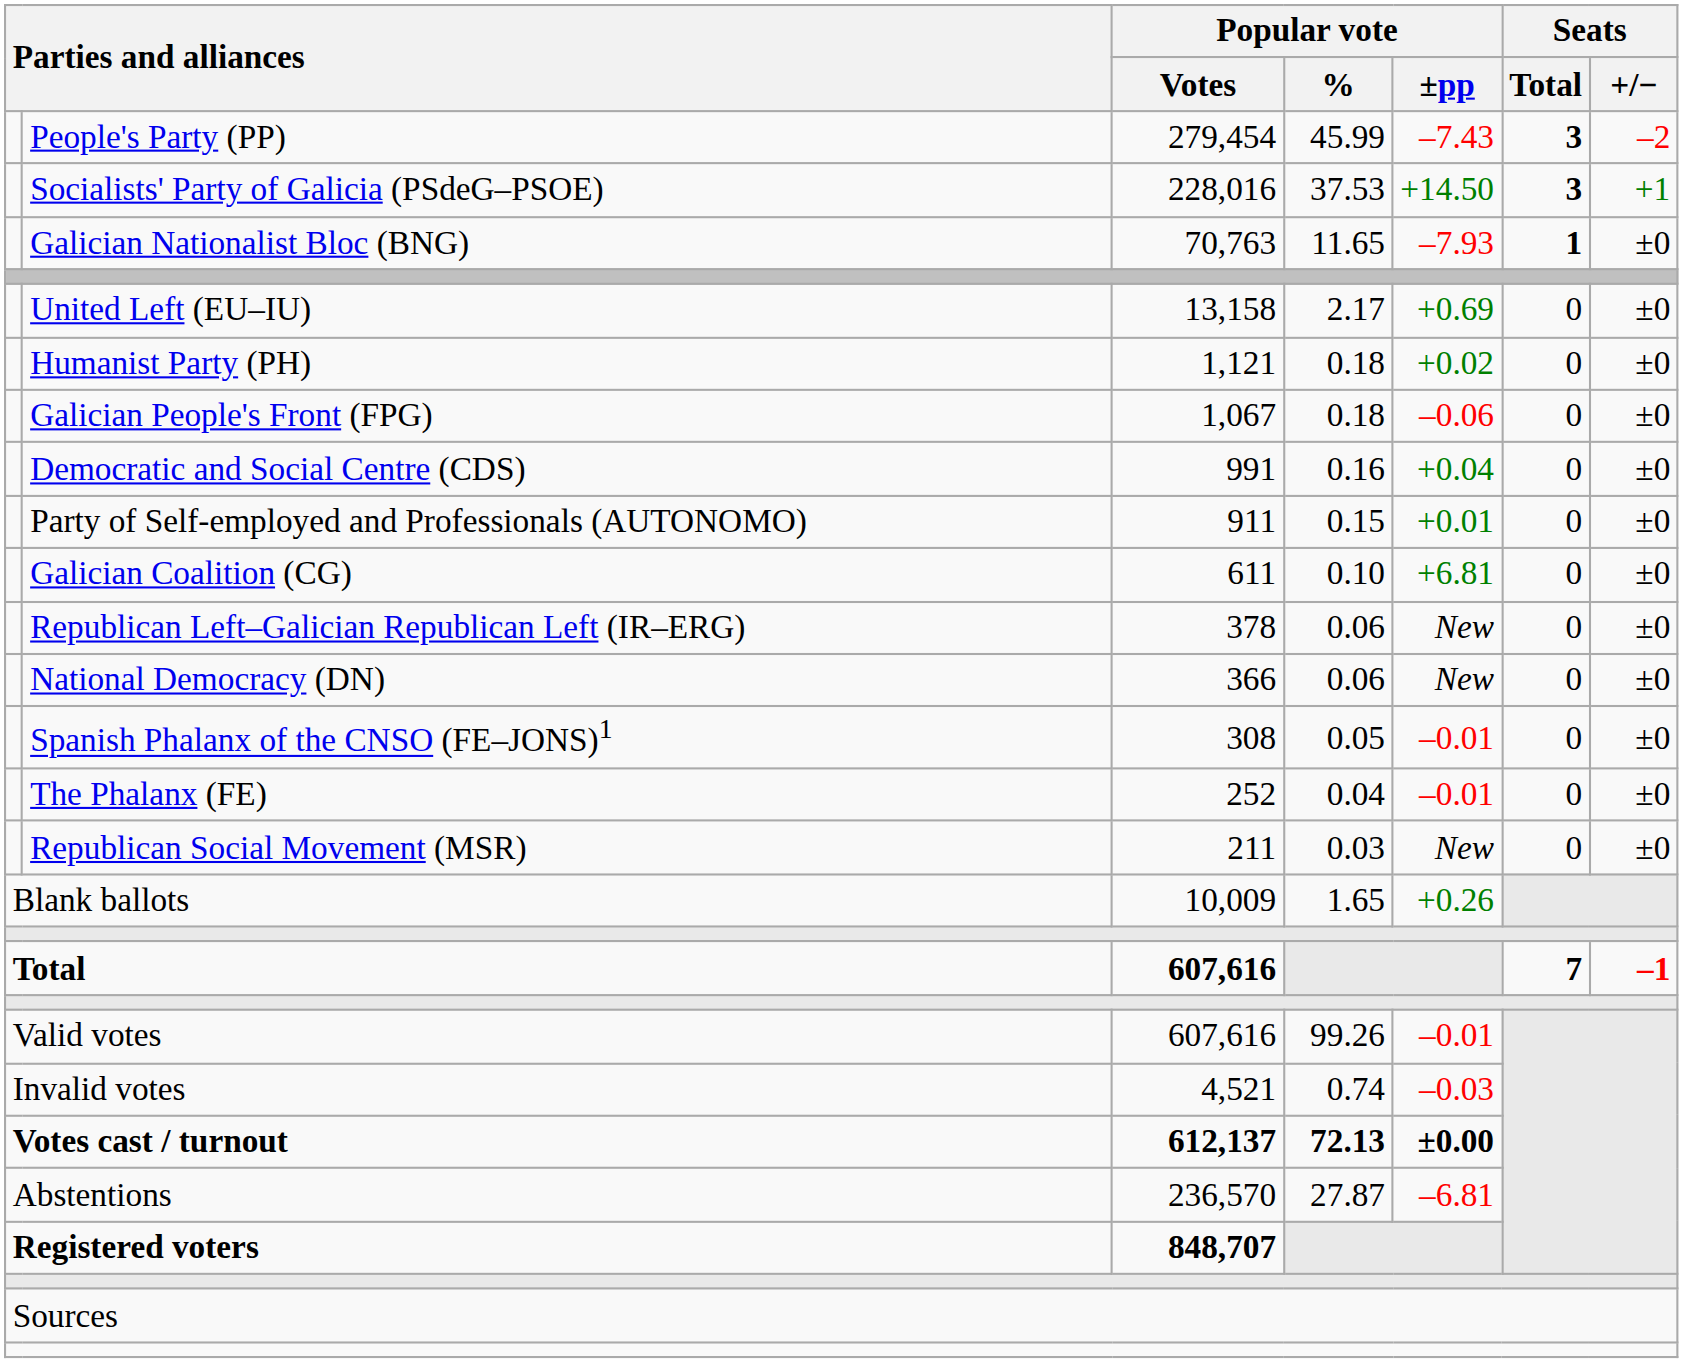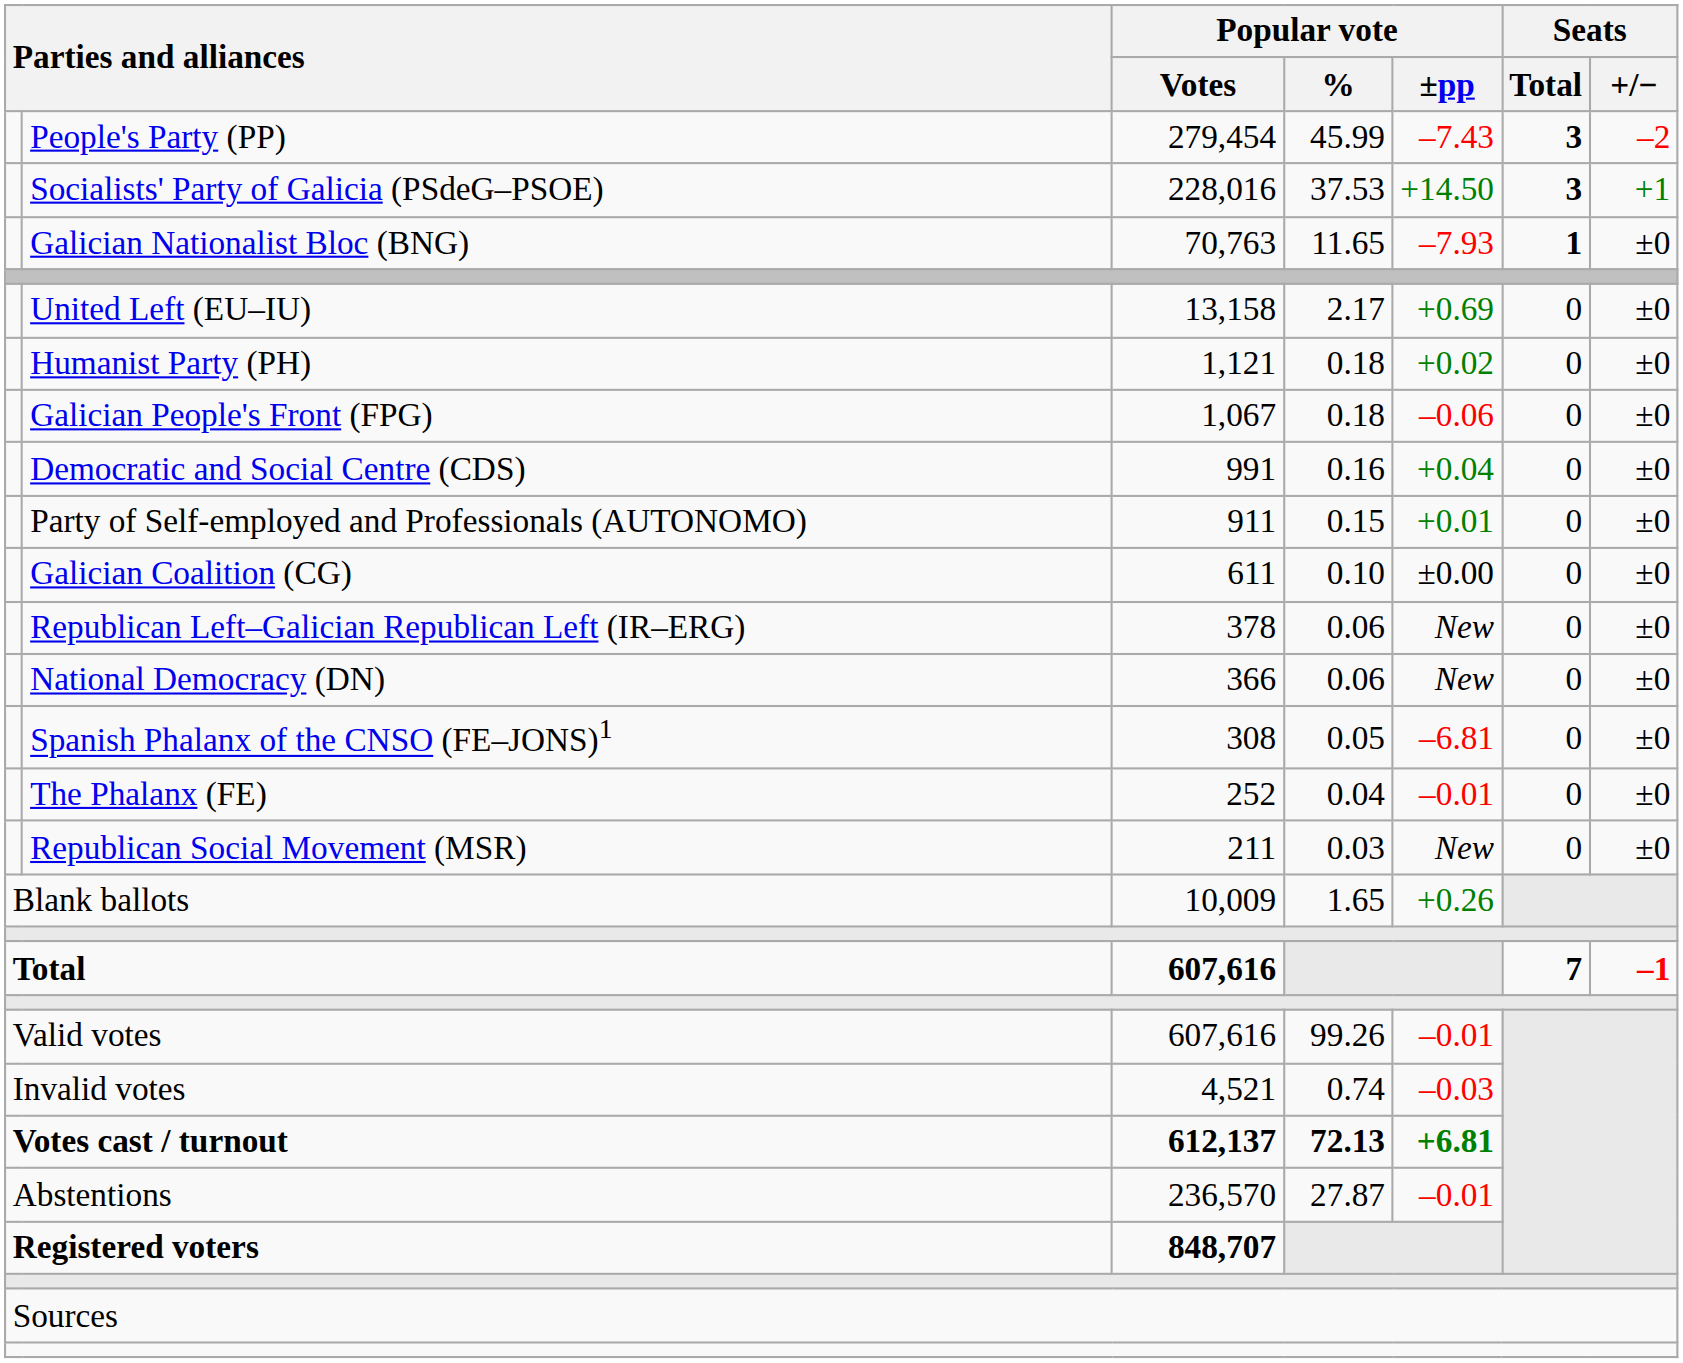 <table class="wikitable" style="text-align:right;">
 <tr>
 <th style="text-align:left;" rowspan="2" colspan="2" width="525">Parties and alliances</th>
 <th colspan="3">Popular vote</th>
 <th colspan="2">Seats</th>
 </tr>
 <tr>
 <th width="75">Votes</th>
 <th width="45">%</th>
 <th width="45">±<a href='#'>pp</a></th>
 <th width="35">Total</th>
 <th width="35">+/−</th>
 </tr>
 <tr>
 <td width="1" style="color:inherit;background:"></td>
 <td align="left"><a href='#'>People's Party</a> (PP)</td>
 <td>279,454</td>
 <td>45.99</td>
 <td style="color:red;">–7.43</td>
 <td><strong>3</strong></td>
 <td style="color:red;">–2</td>
 </tr>
 <tr>
 <td style="color:inherit;background:"></td>
 <td align="left"><a href='#'>Socialists' Party of Galicia</a> (PSdeG–PSOE)</td>
 <td>228,016</td>
 <td>37.53</td>
 <td style="color:green;">+14.50</td>
 <td><strong>3</strong></td>
 <td style="color:green;">+1</td>
 </tr>
 <tr>
 <td style="color:inherit;background:"></td>
 <td align="left"><a href='#'>Galician Nationalist Bloc</a> (BNG)</td>
 <td>70,763</td>
 <td>11.65</td>
 <td style="color:red;">–7.93</td>
 <td><strong>1</strong></td>
 <td>±0</td>
 </tr>
 <tr>
 <td colspan="7" bgcolor="#C0C0C0"></td>
 </tr>
 <tr>
 <td style="color:inherit;background:"></td>
 <td align="left"><a href='#'>United Left</a> (EU–IU)</td>
 <td>13,158</td>
 <td>2.17</td>
 <td style="color:green;">+0.69</td>
 <td>0</td>
 <td>±0</td>
 </tr>
 <tr>
 <td style="color:inherit;background:"></td>
 <td align="left"><a href='#'>Humanist Party</a> (PH)</td>
 <td>1,121</td>
 <td>0.18</td>
 <td style="color:green;">+0.02</td>
 <td>0</td>
 <td>±0</td>
 </tr>
 <tr>
 <td style="color:inherit;background:"></td>
 <td align="left"><a href='#'>Galician People's Front</a> (FPG)</td>
 <td>1,067</td>
 <td>0.18</td>
 <td style="color:red;">–0.06</td>
 <td>0</td>
 <td>±0</td>
 </tr>
 <tr>
 <td style="color:inherit;background:"></td>
 <td align="left"><a href='#'>Democratic and Social Centre</a> (CDS)</td>
 <td>991</td>
 <td>0.16</td>
 <td style="color:green;">+0.04</td>
 <td>0</td>
 <td>±0</td>
 </tr>
 <tr>
 <td style="color:inherit;background:"></td>
 <td align="left">Party of Self-employed and Professionals (AUTONOMO)</td>
 <td>911</td>
 <td>0.15</td>
 <td style="color:green;">+0.01</td>
 <td>0</td>
 <td>±0</td>
 </tr>
 <tr>
 <td style="color:inherit;background:"></td>
 <td align="left"><a href='#'>Galician Coalition</a> (CG)</td>
 <td>611</td>
 <td>0.10</td>
-<td style="color:green;">+6.81</td>
+<td>±0.00</td>
 <td>0</td>
 <td>±0</td>
 </tr>
 <tr>
 <td style="color:inherit;background:"></td>
 <td align="left"><a href='#'>Republican Left–Galician Republican Left</a> (IR–ERG)</td>
 <td>378</td>
 <td>0.06</td>
 <td><em>New</em></td>
 <td>0</td>
 <td>±0</td>
 </tr>
 <tr>
 <td style="color:inherit;background:"></td>
 <td align="left"><a href='#'>National Democracy</a> (DN)</td>
 <td>366</td>
 <td>0.06</td>
 <td><em>New</em></td>
 <td>0</td>
 <td>±0</td>
 </tr>
 <tr>
 <td style="color:inherit;background:"></td>
 <td align="left"><a href='#'>Spanish Phalanx of the CNSO</a> (FE–JONS)<sup>1</sup></td>
 <td>308</td>
 <td>0.05</td>
-<td style="color:red;">–0.01</td>
+<td style="color:red;">–6.81</td>
 <td>0</td>
 <td>±0</td>
 </tr>
 <tr>
 <td style="color:inherit;background:"></td>
 <td align="left"><a href='#'>The Phalanx</a> (FE)</td>
 <td>252</td>
 <td>0.04</td>
 <td style="color:red;">–0.01</td>
 <td>0</td>
 <td>±0</td>
 </tr>
 <tr>
 <td style="color:inherit;background:"></td>
 <td align="left"><a href='#'>Republican Social Movement</a> (MSR)</td>
 <td>211</td>
 <td>0.03</td>
 <td><em>New</em></td>
 <td>0</td>
 <td>±0</td>
 </tr>
 <tr>
 <td align="left" colspan="2">Blank ballots</td>
 <td>10,009</td>
 <td>1.65</td>
 <td style="color:green;">+0.26</td>
 <td bgcolor="#E9E9E9" colspan="2"></td>
 </tr>
 <tr>
 <td colspan="7" bgcolor="#E9E9E9"></td>
 </tr>
 <tr style="font-weight:bold;">
 <td align="left" colspan="2">Total</td>
 <td>607,616</td>
 <td bgcolor="#E9E9E9" colspan="2"></td>
 <td>7</td>
 <td style="color:red;">–1</td>
 </tr>
 <tr>
 <td colspan="7" bgcolor="#E9E9E9"></td>
 </tr>
 <tr>
 <td align="left" colspan="2">Valid votes</td>
 <td>607,616</td>
 <td>99.26</td>
 <td style="color:red;">–0.01</td>
 <td bgcolor="#E9E9E9" colspan="2" rowspan="5"></td>
 </tr>
 <tr>
 <td align="left" colspan="2">Invalid votes</td>
 <td>4,521</td>
 <td>0.74</td>
 <td style="color:red;">–0.03</td>
 </tr>
 <tr style="font-weight:bold;">
 <td align="left" colspan="2">Votes cast / turnout</td>
 <td>612,137</td>
 <td>72.13</td>
-<td>±0.00</td>
+<td style="color:green;">+6.81</td>
 </tr>
 <tr>
 <td align="left" colspan="2">Abstentions</td>
 <td>236,570</td>
 <td>27.87</td>
-<td style="color:red;">–6.81</td>
+<td style="color:red;">–0.01</td>
 </tr>
 <tr style="font-weight:bold;">
 <td align="left" colspan="2">Registered voters</td>
 <td>848,707</td>
 <td bgcolor="#E9E9E9" colspan="2"></td>
 </tr>
 <tr>
 <td colspan="7" bgcolor="#E9E9E9"></td>
 </tr>
 <tr>
 <td align="left" colspan="7">Sources</td>
 </tr>
 <tr>
 <td colspan="7" style="text-align:left; max-width:790px;"></td>
 </tr>
 </table>
